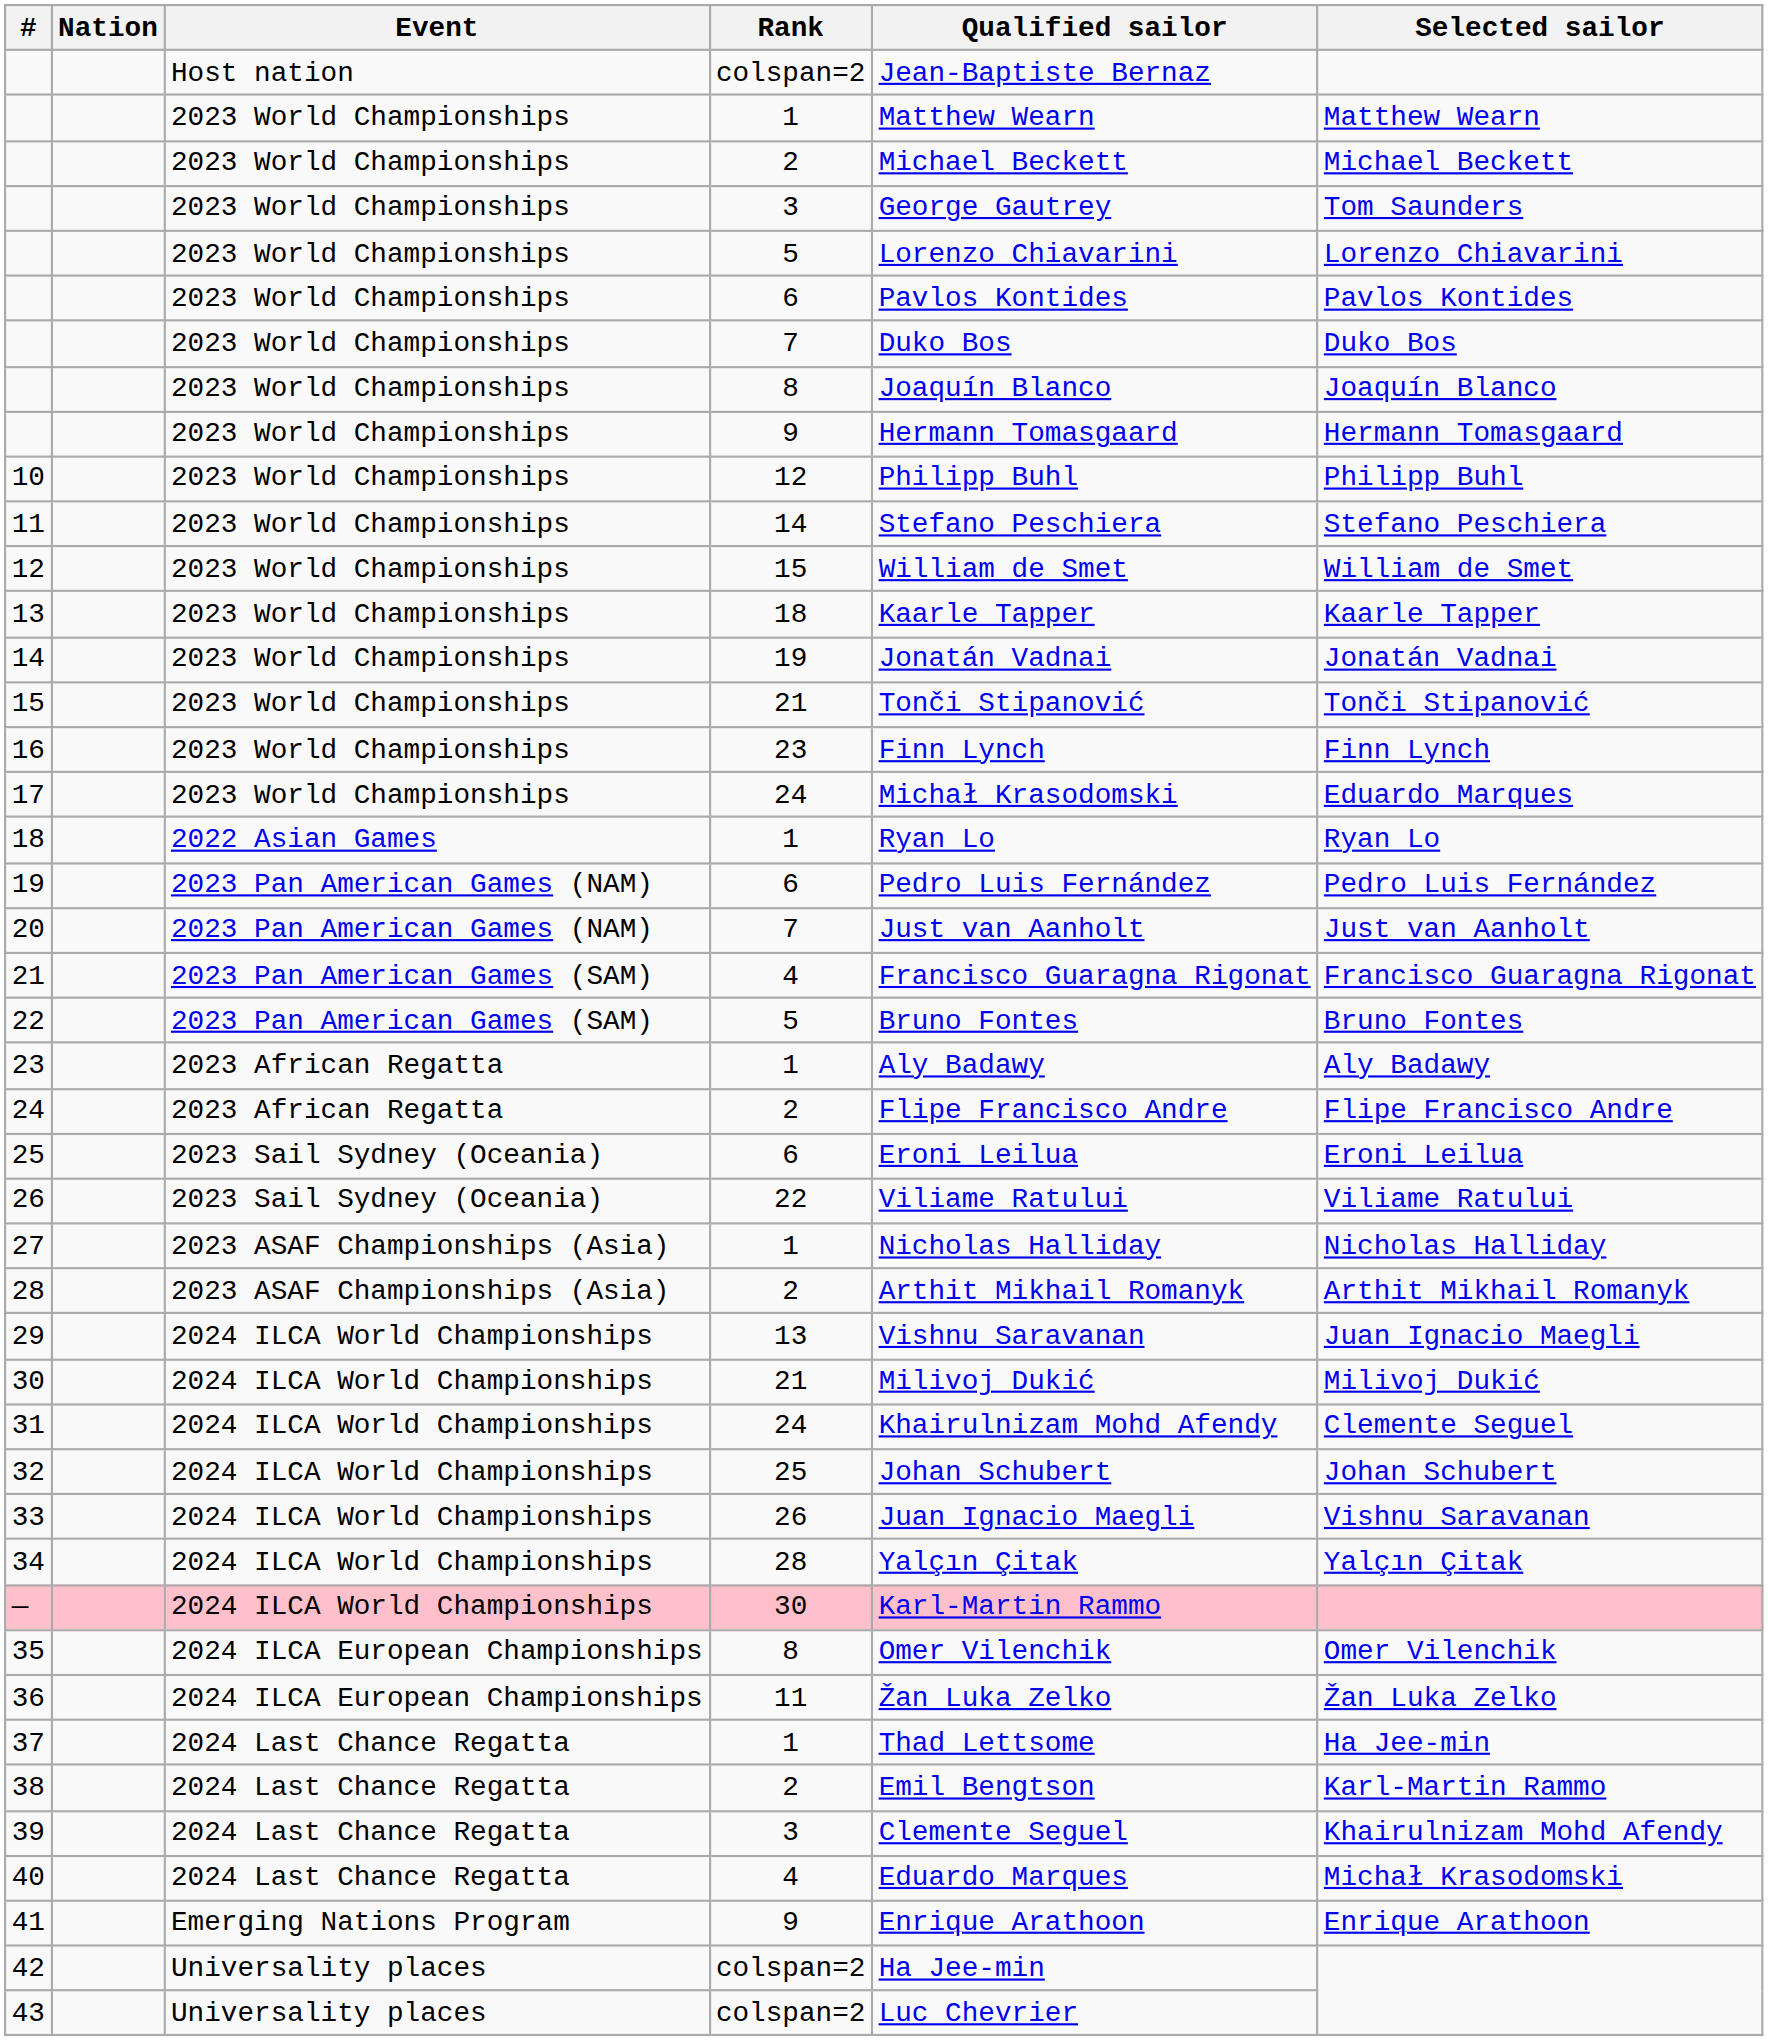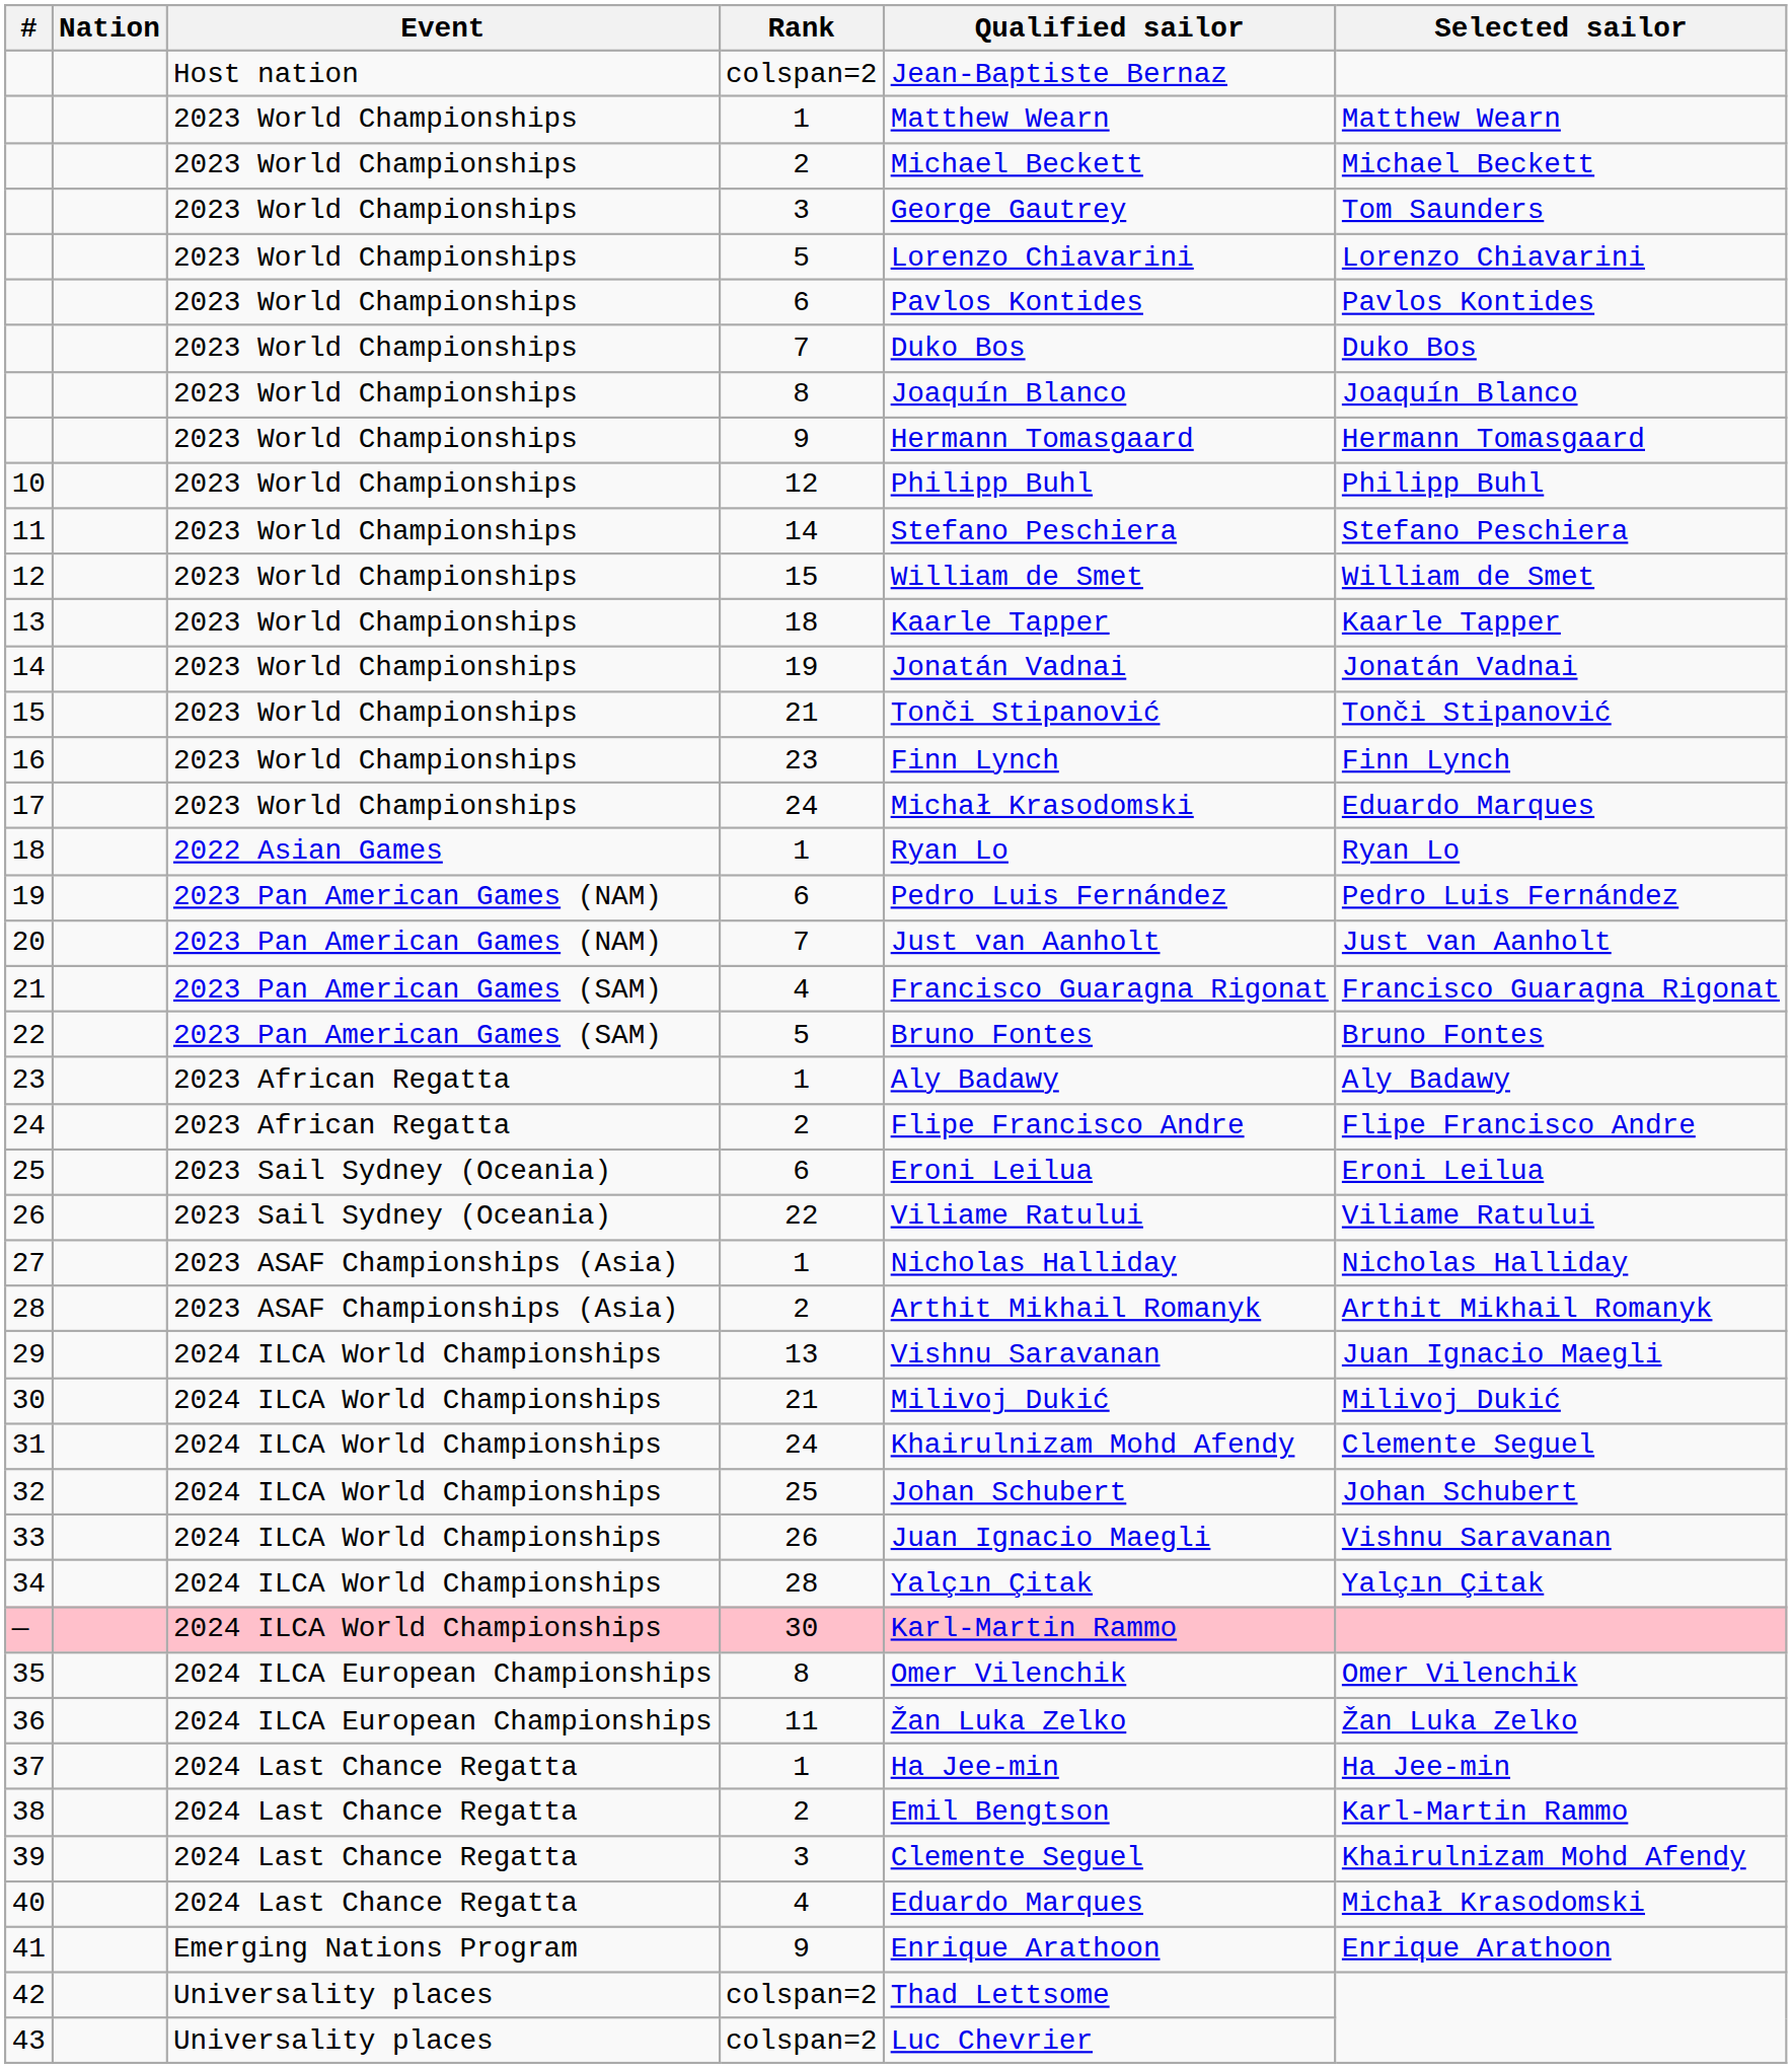 <table class="sortable wikitable">
 <tr>
 <th>#</th>
 <th>Nation</th>
 <th>Event</th>
 <th>Rank</th>
 <th>Qualified sailor</th>
 <th>Selected sailor</th>
 </tr>
 <tr>
 <td></td>
 <td></td>
 <td>Host nation</td>
 <td>colspan=2 </td>
 <td><a href='#'>Jean-Baptiste Bernaz</a></td>
 </tr>
 <tr>
 <td></td>
 <td></td>
 <td>2023 World Championships</td>
 <td align=center>1</td>
 <td><a href='#'>Matthew Wearn</a></td>
 <td><a href='#'>Matthew Wearn</a></td>
 </tr>
 <tr>
 <td></td>
 <td></td>
 <td>2023 World Championships</td>
 <td align=center>2</td>
 <td><a href='#'>Michael Beckett</a></td>
 <td><a href='#'>Michael Beckett</a></td>
 </tr>
 <tr>
 <td></td>
 <td></td>
 <td>2023 World Championships</td>
 <td align=center>3</td>
 <td><a href='#'>George Gautrey</a></td>
 <td><a href='#'>Tom Saunders</a></td>
 </tr>
 <tr>
 <td></td>
 <td></td>
 <td>2023 World Championships</td>
 <td align=center>5</td>
 <td><a href='#'>Lorenzo Chiavarini</a></td>
 <td><a href='#'>Lorenzo Chiavarini</a></td>
 </tr>
 <tr>
 <td></td>
 <td></td>
 <td>2023 World Championships</td>
 <td align=center>6</td>
 <td><a href='#'>Pavlos Kontides</a></td>
 <td><a href='#'>Pavlos Kontides</a></td>
 </tr>
 <tr>
 <td></td>
 <td></td>
 <td>2023 World Championships</td>
 <td align=center>7</td>
 <td><a href='#'>Duko Bos</a></td>
 <td><a href='#'>Duko Bos</a></td>
 </tr>
 <tr>
 <td></td>
 <td></td>
 <td>2023 World Championships</td>
 <td align=center>8</td>
 <td><a href='#'>Joaquín Blanco</a></td>
 <td><a href='#'>Joaquín Blanco</a></td>
 </tr>
 <tr>
 <td></td>
 <td></td>
 <td>2023 World Championships</td>
 <td align=center>9</td>
 <td><a href='#'>Hermann Tomasgaard</a></td>
 <td><a href='#'>Hermann Tomasgaard</a></td>
 </tr>
 <tr>
 <td>10</td>
 <td></td>
 <td>2023 World Championships</td>
 <td align=center>12</td>
 <td><a href='#'>Philipp Buhl</a></td>
 <td><a href='#'>Philipp Buhl</a></td>
 </tr>
 <tr>
 <td>11</td>
 <td></td>
 <td>2023 World Championships</td>
 <td align=center>14</td>
 <td><a href='#'>Stefano Peschiera</a></td>
 <td><a href='#'>Stefano Peschiera</a></td>
 </tr>
 <tr>
 <td>12</td>
 <td></td>
 <td>2023 World Championships</td>
 <td align=center>15</td>
 <td><a href='#'>William de Smet</a></td>
 <td><a href='#'>William de Smet</a></td>
 </tr>
 <tr>
 <td>13</td>
 <td></td>
 <td>2023 World Championships</td>
 <td align=center>18</td>
 <td><a href='#'>Kaarle Tapper</a></td>
 <td><a href='#'>Kaarle Tapper</a></td>
 </tr>
 <tr>
 <td>14</td>
 <td></td>
 <td>2023 World Championships</td>
 <td align=center>19</td>
 <td><a href='#'>Jonatán Vadnai</a></td>
 <td><a href='#'>Jonatán Vadnai</a></td>
 </tr>
 <tr>
 <td>15</td>
 <td></td>
 <td>2023 World Championships</td>
 <td align=center>21</td>
 <td><a href='#'>Tonči Stipanović</a></td>
 <td><a href='#'>Tonči Stipanović</a></td>
 </tr>
 <tr>
 <td>16</td>
 <td></td>
 <td>2023 World Championships</td>
 <td align=center>23</td>
 <td><a href='#'>Finn Lynch</a></td>
 <td><a href='#'>Finn Lynch</a></td>
 </tr>
 <tr>
 <td>17</td>
 <td></td>
 <td>2023 World Championships</td>
 <td align=center>24</td>
 <td><a href='#'>Michał Krasodomski</a></td>
 <td><a href='#'>Eduardo Marques</a></td>
 </tr>
 <tr>
 <td>18</td>
 <td></td>
 <td><a href='#'>2022 Asian Games</a></td>
 <td align=center>1</td>
 <td><a href='#'>Ryan Lo</a></td>
 <td><a href='#'>Ryan Lo</a></td>
 </tr>
 <tr>
 <td>19</td>
 <td></td>
 <td><a href='#'>2023 Pan American Games</a> (NAM)</td>
 <td align=center>6</td>
 <td><a href='#'>Pedro Luis Fernández</a></td>
 <td><a href='#'>Pedro Luis Fernández</a></td>
 </tr>
 <tr>
 <td>20</td>
 <td></td>
 <td><a href='#'>2023 Pan American Games</a> (NAM)</td>
 <td align=center>7</td>
 <td><a href='#'>Just van Aanholt</a></td>
 <td><a href='#'>Just van Aanholt</a></td>
 </tr>
 <tr>
 <td>21</td>
 <td></td>
 <td><a href='#'>2023 Pan American Games</a> (SAM)</td>
 <td align=center>4</td>
 <td><a href='#'>Francisco Guaragna Rigonat</a></td>
 <td><a href='#'>Francisco Guaragna Rigonat</a></td>
 </tr>
 <tr>
 <td>22</td>
 <td></td>
 <td><a href='#'>2023 Pan American Games</a> (SAM)</td>
 <td align=center>5</td>
 <td><a href='#'>Bruno Fontes</a></td>
 <td><a href='#'>Bruno Fontes</a></td>
 </tr>
 <tr>
 <td>23</td>
 <td></td>
 <td>2023 African Regatta</td>
 <td align=center>1</td>
 <td><a href='#'>Aly Badawy</a></td>
 <td><a href='#'>Aly Badawy</a></td>
 </tr>
 <tr>
 <td>24</td>
 <td></td>
 <td>2023 African Regatta</td>
 <td align=center>2</td>
 <td><a href='#'>Flipe Francisco Andre</a></td>
 <td><a href='#'>Flipe Francisco Andre</a></td>
 </tr>
 <tr>
 <td>25</td>
 <td></td>
 <td>2023 Sail Sydney (Oceania)</td>
 <td align=center>6</td>
 <td><a href='#'>Eroni Leilua</a></td>
 <td><a href='#'>Eroni Leilua</a></td>
 </tr>
 <tr>
 <td>26</td>
 <td></td>
 <td>2023 Sail Sydney (Oceania)</td>
 <td align=center>22</td>
 <td><a href='#'>Viliame Ratului</a></td>
 <td><a href='#'>Viliame Ratului</a></td>
 </tr>
 <tr>
 <td>27</td>
 <td></td>
 <td>2023 ASAF Championships (Asia)</td>
 <td align=center>1</td>
 <td><a href='#'>Nicholas Halliday</a></td>
 <td><a href='#'>Nicholas Halliday</a></td>
 </tr>
 <tr>
 <td>28</td>
 <td></td>
 <td>2023 ASAF Championships (Asia)</td>
 <td align=center>2</td>
 <td><a href='#'>Arthit Mikhail Romanyk</a></td>
 <td><a href='#'>Arthit Mikhail Romanyk</a></td>
 </tr>
 <tr>
 <td>29</td>
 <td></td>
 <td>2024 ILCA World Championships</td>
 <td align=center>13</td>
 <td><a href='#'>Vishnu Saravanan</a></td>
 <td><a href='#'>Juan Ignacio Maegli</a></td>
 </tr>
 <tr>
 <td>30</td>
 <td></td>
 <td>2024 ILCA World Championships</td>
 <td align=center>21</td>
 <td><a href='#'>Milivoj Dukić</a></td>
 <td><a href='#'>Milivoj Dukić</a></td>
 </tr>
 <tr>
 <td>31</td>
 <td></td>
 <td>2024 ILCA World Championships</td>
 <td align=center>24</td>
 <td><a href='#'>Khairulnizam Mohd Afendy</a></td>
 <td><a href='#'>Clemente Seguel</a></td>
 </tr>
 <tr>
 <td>32</td>
 <td></td>
 <td>2024 ILCA World Championships</td>
 <td align=center>25</td>
 <td><a href='#'>Johan Schubert</a></td>
 <td><a href='#'>Johan Schubert</a></td>
 </tr>
 <tr>
 <td>33</td>
 <td></td>
 <td>2024 ILCA World Championships</td>
 <td align=center>26</td>
 <td><a href='#'>Juan Ignacio Maegli</a></td>
 <td><a href='#'>Vishnu Saravanan</a></td>
 </tr>
 <tr>
 <td>34</td>
 <td></td>
 <td>2024 ILCA World Championships</td>
 <td align=center>28</td>
 <td><a href='#'>Yalçın Çitak</a></td>
 <td><a href='#'>Yalçın Çitak</a></td>
 </tr>
 <tr style="background:pink;">
 <td>—</td>
 <td></td>
 <td>2024 ILCA World Championships</td>
 <td align=center>30</td>
 <td><a href='#'>Karl-Martin Rammo</a></td>
 <td></td>
 </tr>
 <tr>
 <td>35</td>
 <td></td>
 <td>2024 ILCA European Championships</td>
 <td align=center>8</td>
 <td><a href='#'>Omer Vilenchik</a></td>
 <td><a href='#'>Omer Vilenchik</a></td>
 </tr>
 <tr>
 <td>36</td>
 <td></td>
 <td>2024 ILCA European Championships</td>
 <td align=center>11</td>
 <td><a href='#'>Žan Luka Zelko</a></td>
 <td><a href='#'>Žan Luka Zelko</a></td>
 </tr>
 <tr>
 <td>37</td>
 <td></td>
 <td>2024 Last Chance Regatta</td>
 <td align=center>1</td>
-<td><a href='#'>Thad Lettsome</a></td>
+<td><a href='#'>Ha Jee-min</a></td>
 <td><a href='#'>Ha Jee-min</a></td>
 </tr>
 <tr>
 <td>38</td>
 <td></td>
 <td>2024 Last Chance Regatta</td>
 <td align=center>2</td>
 <td><a href='#'>Emil Bengtson</a></td>
 <td><a href='#'>Karl-Martin Rammo</a></td>
 </tr>
 <tr>
 <td>39</td>
 <td></td>
 <td>2024 Last Chance Regatta</td>
 <td align=center>3</td>
 <td><a href='#'>Clemente Seguel</a></td>
 <td><a href='#'>Khairulnizam Mohd Afendy</a></td>
 </tr>
 <tr>
 <td>40</td>
 <td></td>
 <td>2024 Last Chance Regatta</td>
 <td align=center>4</td>
 <td><a href='#'>Eduardo Marques</a></td>
 <td><a href='#'>Michał Krasodomski</a></td>
 </tr>
 <tr>
 <td>41</td>
 <td></td>
 <td>Emerging Nations Program</td>
 <td align=center>9</td>
 <td><a href='#'>Enrique Arathoon</a></td>
 <td><a href='#'>Enrique Arathoon</a></td>
 </tr>
 <tr>
 <td>42</td>
 <td></td>
 <td>Universality places</td>
 <td>colspan=2 </td>
-<td><a href='#'>Ha Jee-min</a></td>
+<td><a href='#'>Thad Lettsome</a></td>
 </tr>
 <tr>
 <td>43</td>
 <td></td>
 <td>Universality places</td>
 <td>colspan=2 </td>
 <td><a href='#'>Luc Chevrier</a></td>
 </tr>
 </table>
